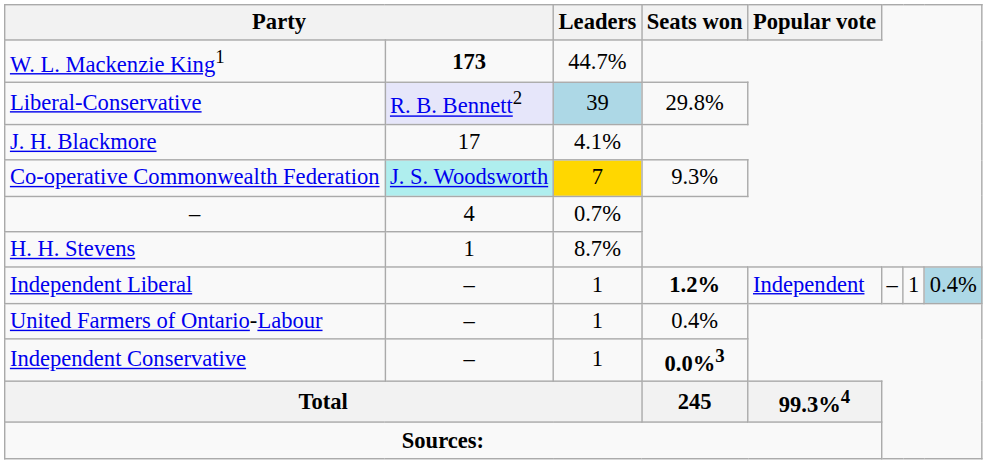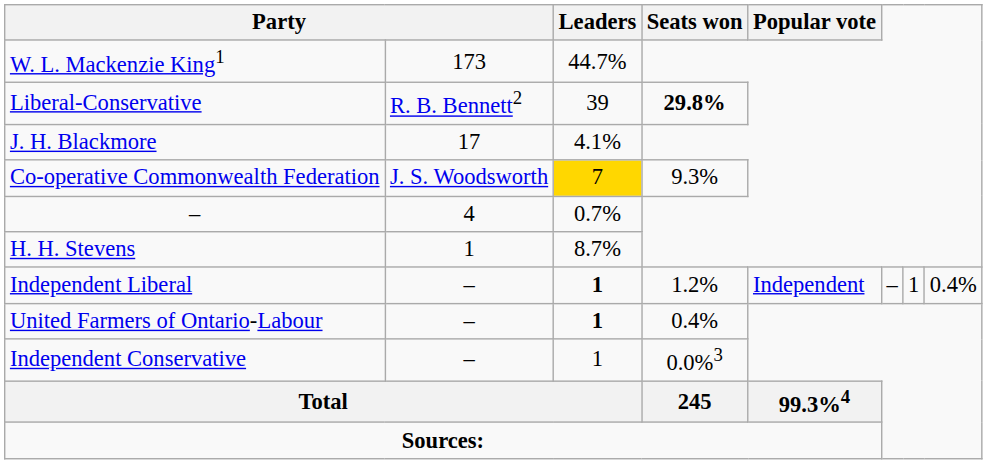 <table class="wikitable">
 <tr>
 <th colspan="2">Party</th>
 <th>Leaders</th>
 <th>Seats won</th>
 <th>Popular vote</th>
 </tr>
 <tr>
 <td><a href='#'>W. L. Mackenzie King</a><sup>1</sup></td>
-<td align=center><strong>173</strong></td>
+<td align=center>173</td>
 <td align=center>44.7%</td>
 </tr>
 <tr>
 <td><a href='#'>Liberal-Conservative</a></td>
-<td style="background: lavender;"><a href='#'>R. B. Bennett</a><sup>2</sup></td>
-<td align=center style="background: lightblue;">39</td>
-<td align=center>29.8%</td>
+<td><a href='#'>R. B. Bennett</a><sup>2</sup></td>
+<td align=center>39</td>
+<td align=center><strong>29.8%</strong></td>
 </tr>
 <tr>
 <td><a href='#'>J. H. Blackmore</a></td>
 <td align=center>17</td>
 <td align=center>4.1%</td>
 </tr>
 <tr>
 <td><a href='#'>Co-operative Commonwealth Federation</a></td>
-<td style="background: paleturquoise;"><a href='#'>J. S. Woodsworth</a></td>
+<td><a href='#'>J. S. Woodsworth</a></td>
 <td align=center style="background: gold;">7</td>
 <td align=center>9.3%</td>
 </tr>
 <tr>
 <td align=center>–</td>
 <td align=center>4</td>
 <td align=center>0.7%</td>
 </tr>
 <tr>
 <td><a href='#'>H. H. Stevens</a></td>
 <td align=center>1</td>
 <td align=center>8.7%</td>
 </tr>
 <tr>
 <td><a href='#'>Independent Liberal</a></td>
 <td align=center>–</td>
-<td align=center>1</td>
-<td align=center><strong>1.2%<br></strong></td>
+<td align=center><strong>1</strong></td>
+<td align=center>1.2%<br></td>
 <td><a href='#'>Independent</a></td>
 <td align=center>–</td>
 <td align=center>1</td>
-<td align=center style="background: lightblue;">0.4%</td>
+<td align=center>0.4%</td>
 </tr>
 <tr>
 <td><a href='#'>United Farmers of Ontario</a>-<a href='#'>Labour</a></td>
 <td align=center>–</td>
-<td align=center>1</td>
+<td align=center><strong>1</strong></td>
 <td align=center>0.4%</td>
 </tr>
 <tr>
 <td><a href='#'>Independent Conservative</a></td>
 <td align=center>–</td>
 <td align=center>1</td>
-<td align=center><strong>0.0%<sup>3</sup></strong></td>
+<td align=center>0.0%<sup>3</sup></td>
 </tr>
 <tr>
 <th colspan=3 align=left>Total</th>
 <th align=center>245</th>
 <th align=center>99.3%<sup>4</sup></th>
 </tr>
 <tr>
 <td align="center" colspan=5><strong>Sources:</strong> </td>
 </tr>
 </table>
